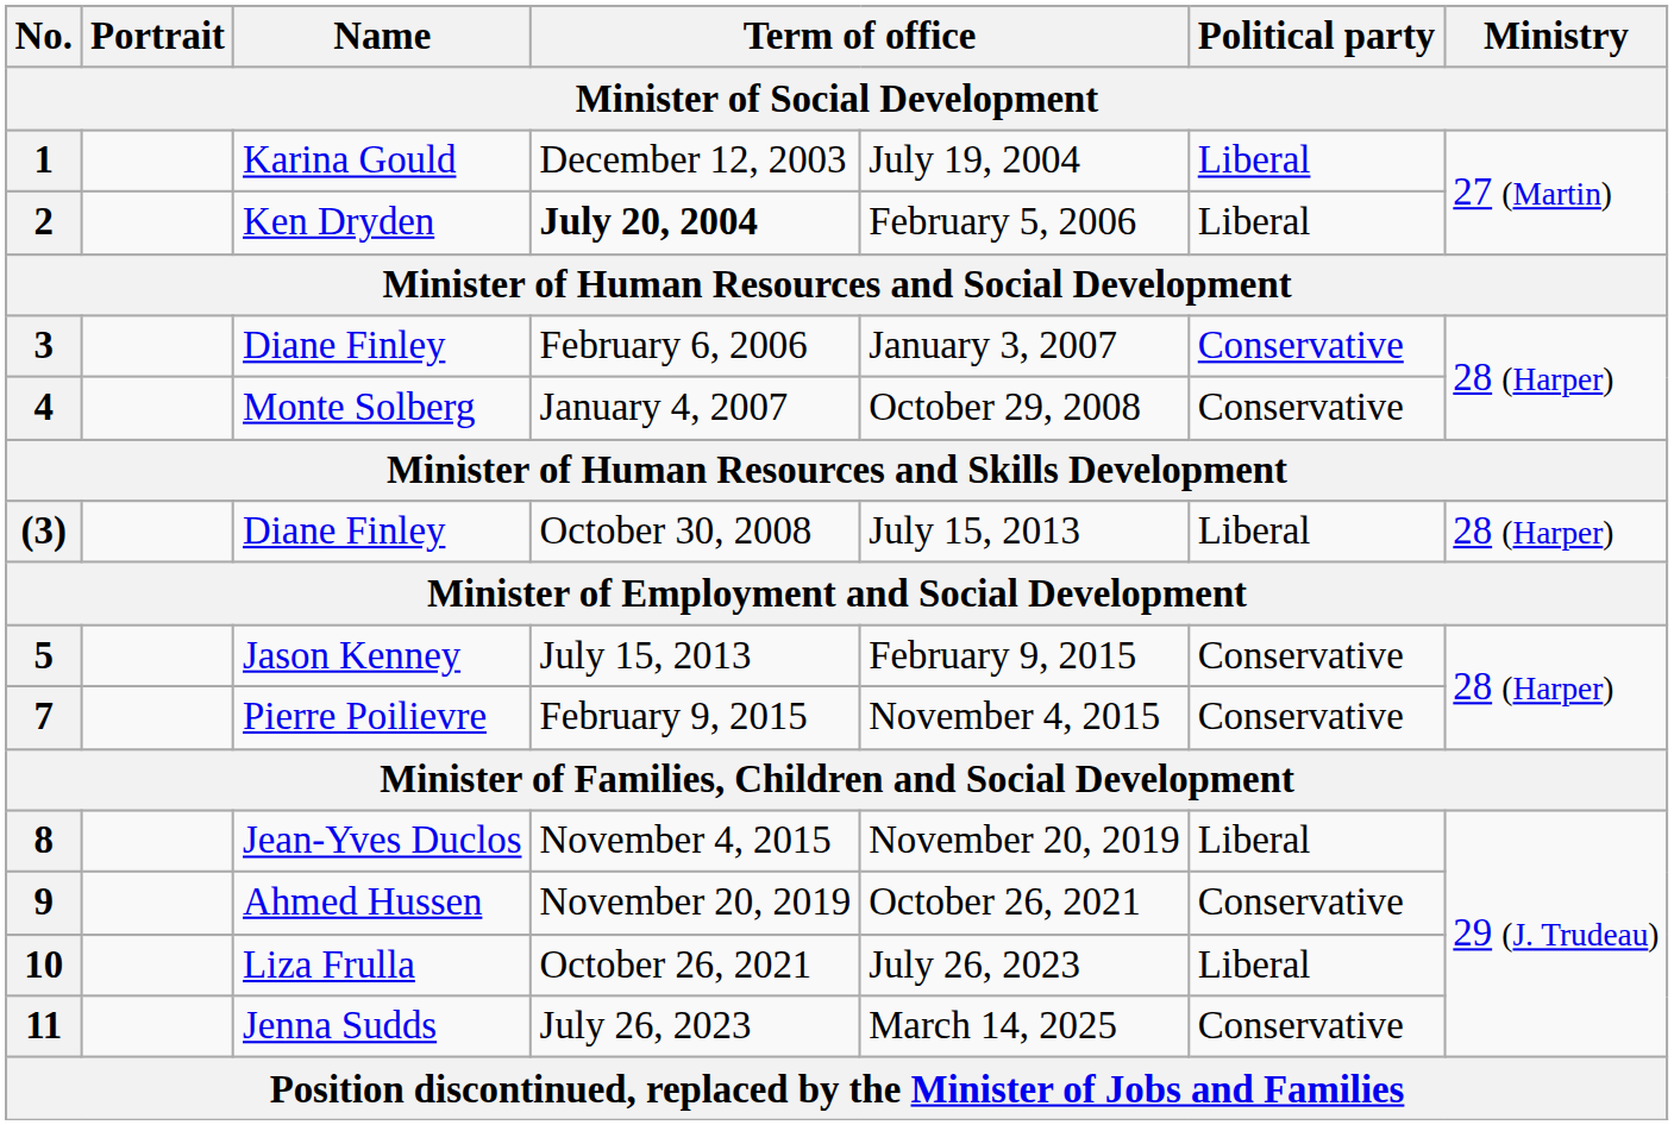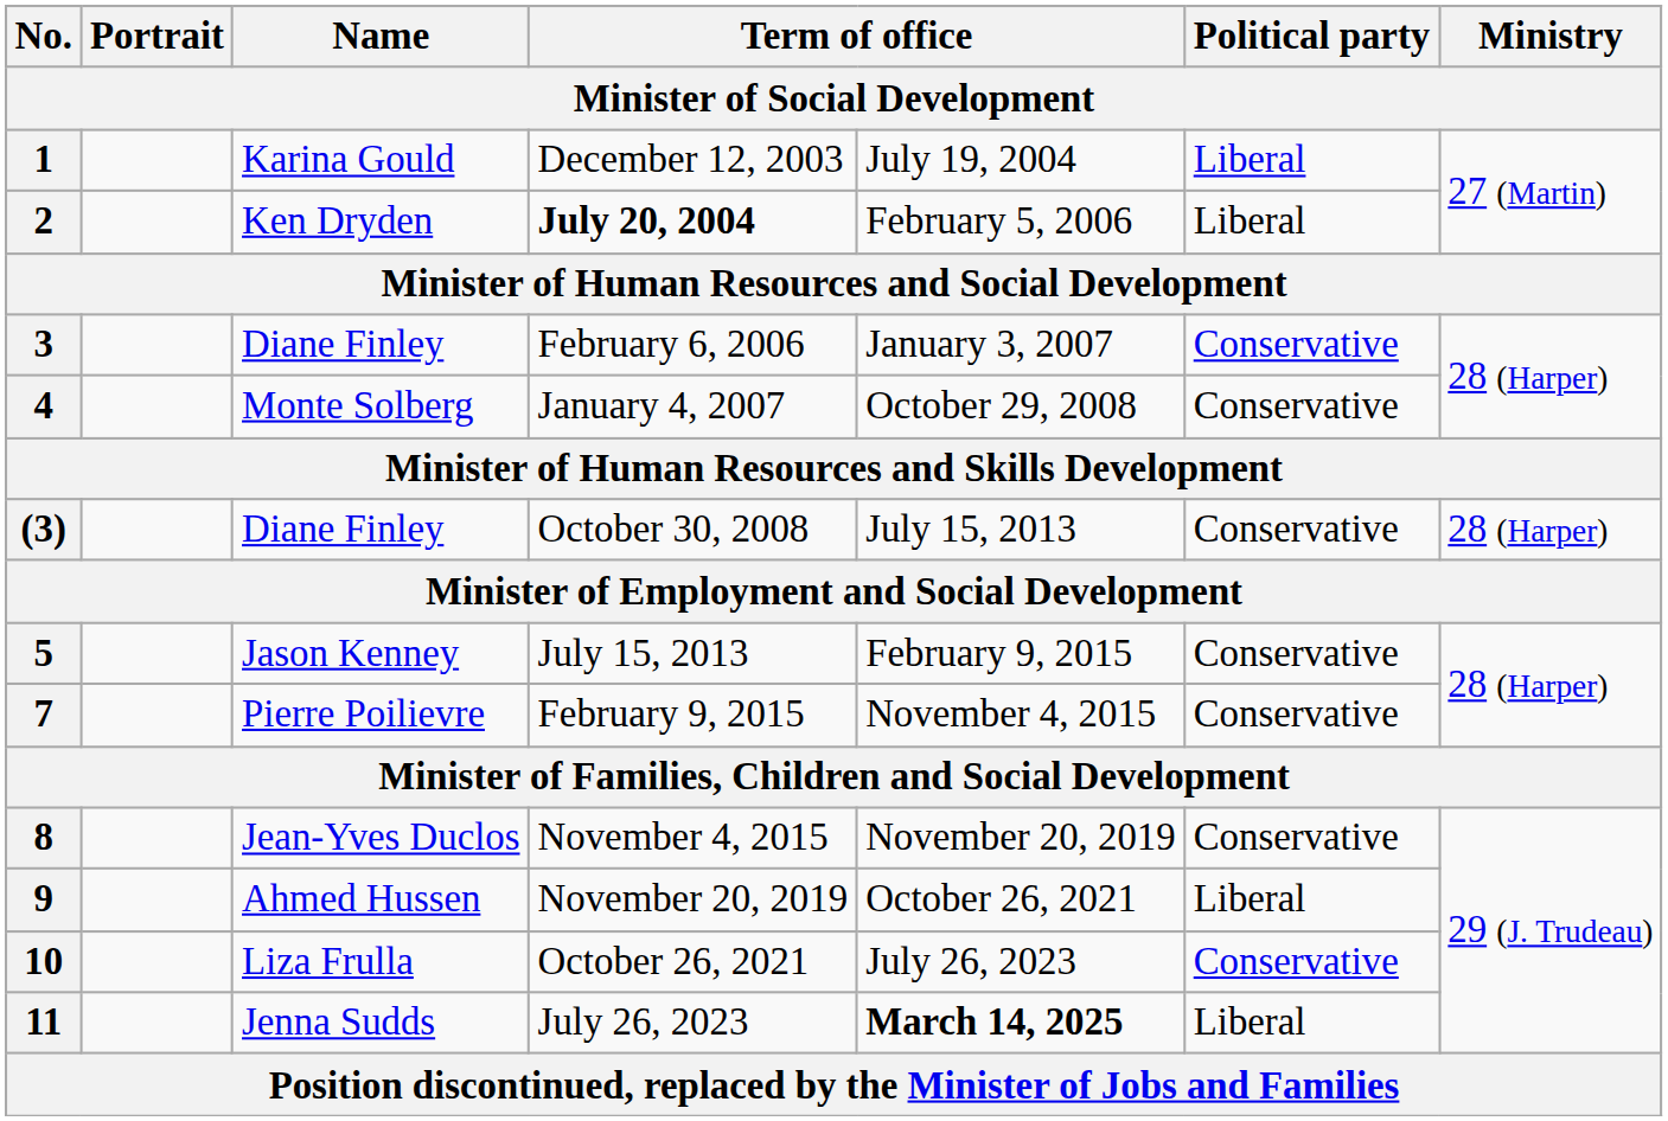 <table class="wikitable">
 <tr>
 <th>No.</th>
 <th>Portrait</th>
 <th>Name</th>
 <th colspan=2>Term of office</th>
 <th>Political party</th>
 <th>Ministry</th>
 </tr>
 <tr>
 <th colspan=7>Minister of Social Development</th>
 </tr>
 <tr>
 <th style="background:">1</th>
 <td></td>
 <td><a href='#'>Karina Gould</a></td>
 <td>December 12, 2003</td>
 <td>July 19, 2004</td>
 <td><a href='#'>Liberal</a></td>
 <td rowspan="2"><a href='#'>27</a> <small>(<a href='#'>Martin</a>)</small></td>
 </tr>
 <tr>
 <th style="background:">2</th>
 <td></td>
 <td><a href='#'>Ken Dryden</a></td>
 <td><strong>July 20, 2004</strong></td>
 <td>February 5, 2006</td>
 <td>Liberal</td>
 </tr>
 <tr>
 <th colspan=7>Minister of Human Resources and Social Development</th>
 </tr>
 <tr>
 <th style="background:">3</th>
 <td></td>
 <td><a href='#'>Diane Finley</a></td>
 <td>February 6, 2006</td>
 <td>January 3, 2007</td>
 <td><a href='#'>Conservative</a></td>
 <td rowspan=2><a href='#'>28</a> <small>(<a href='#'>Harper</a>)</small></td>
 </tr>
 <tr>
 <th style="background:">4</th>
 <td></td>
 <td><a href='#'>Monte Solberg</a></td>
 <td>January 4, 2007</td>
 <td>October 29, 2008</td>
 <td>Conservative</td>
 </tr>
 <tr>
 <th colspan=7>Minister of Human Resources and Skills Development</th>
 </tr>
 <tr>
 <th style="background:">(3)</th>
 <td></td>
 <td><a href='#'>Diane Finley</a></td>
 <td>October 30, 2008</td>
 <td>July 15, 2013</td>
-<td>Liberal</td>
+<td>Conservative</td>
 <td rowspan=1><a href='#'>28</a> <small>(<a href='#'>Harper</a>)</small></td>
 </tr>
 <tr>
 <th colspan=7>Minister of Employment and Social Development</th>
 </tr>
 <tr>
 <th style="background:">5</th>
 <td></td>
 <td><a href='#'>Jason Kenney</a></td>
 <td>July 15, 2013</td>
 <td>February 9, 2015</td>
 <td>Conservative</td>
 <td rowspan=2><a href='#'>28</a> <small>(<a href='#'>Harper</a>)</small></td>
 </tr>
 <tr>
 <th style="background:">7</th>
 <td></td>
 <td><a href='#'>Pierre Poilievre</a></td>
 <td>February 9, 2015</td>
 <td>November 4, 2015</td>
 <td>Conservative</td>
 </tr>
 <tr>
 <th colspan=7>Minister of Families, Children and Social Development</th>
 </tr>
 <tr>
 <th style="background:">8</th>
 <td></td>
 <td><a href='#'>Jean-Yves Duclos</a></td>
 <td>November 4, 2015</td>
 <td>November 20, 2019</td>
-<td>Liberal</td>
+<td>Conservative</td>
 <td rowspan=4><a href='#'>29</a> <small>(<a href='#'>J. Trudeau</a>)</small></td>
 </tr>
 <tr>
 <th style="background:">9</th>
 <td></td>
 <td><a href='#'>Ahmed Hussen</a></td>
 <td>November 20, 2019</td>
 <td>October 26, 2021</td>
-<td>Conservative</td>
+<td>Liberal</td>
 </tr>
 <tr>
 <th style="background:">10</th>
 <td></td>
 <td><a href='#'>Liza Frulla</a></td>
 <td>October 26, 2021</td>
 <td>July 26, 2023</td>
-<td>Liberal</td>
+<td><a href='#'>Conservative</a></td>
 </tr>
 <tr>
 <th style="background:">11</th>
 <td></td>
 <td><a href='#'>Jenna Sudds</a></td>
 <td>July 26, 2023</td>
-<td>March 14, 2025</td>
-<td>Conservative</td>
+<td><strong>March 14, 2025</strong></td>
+<td>Liberal</td>
 </tr>
 <tr>
 <th colspan=7>Position discontinued, replaced by the <a href='#'>Minister of Jobs and Families</a></th>
 </tr>
 <tr>
 </tr>
 </table>
